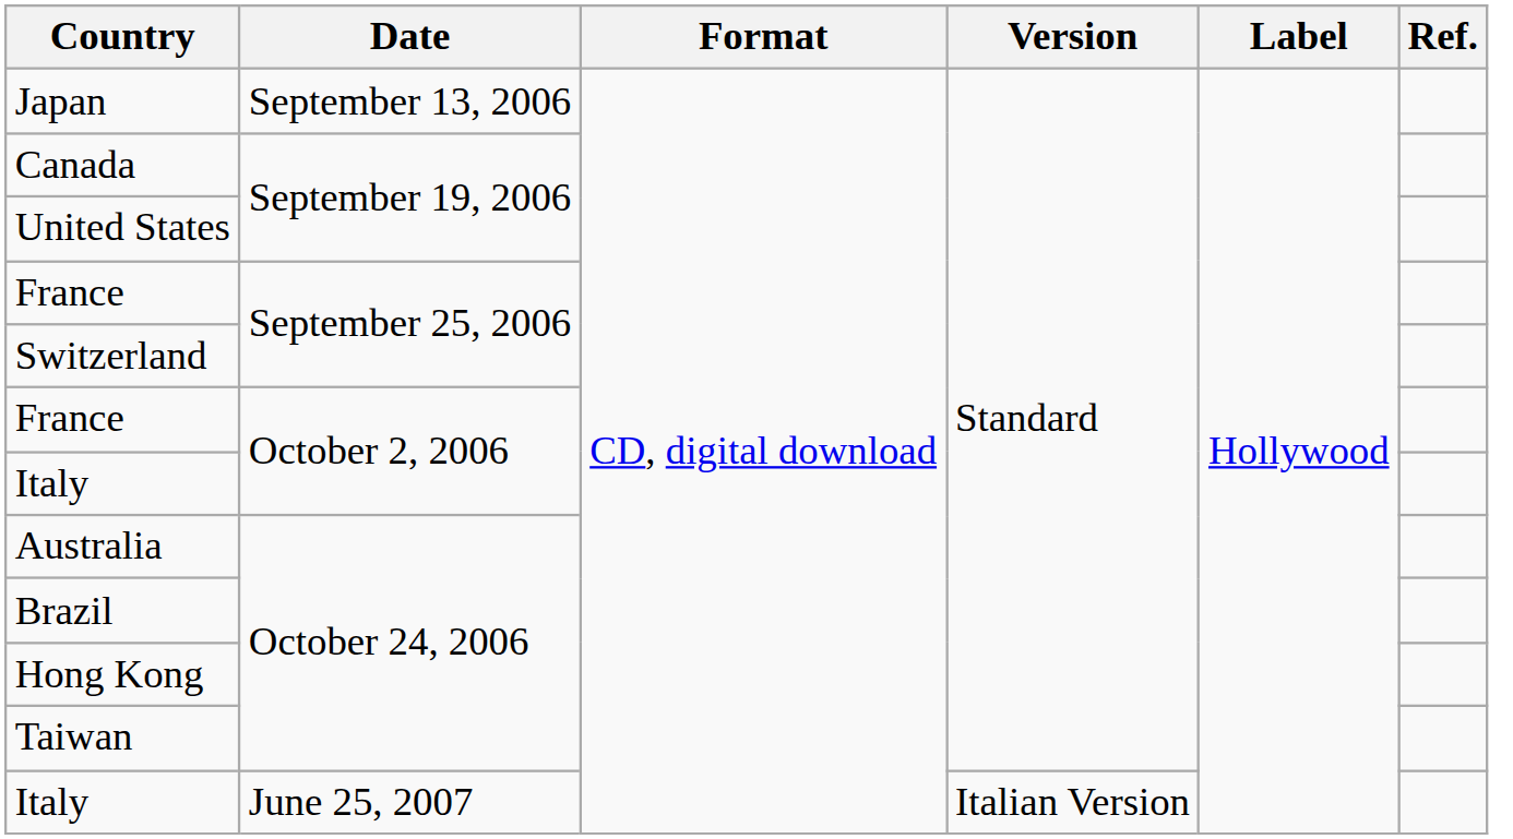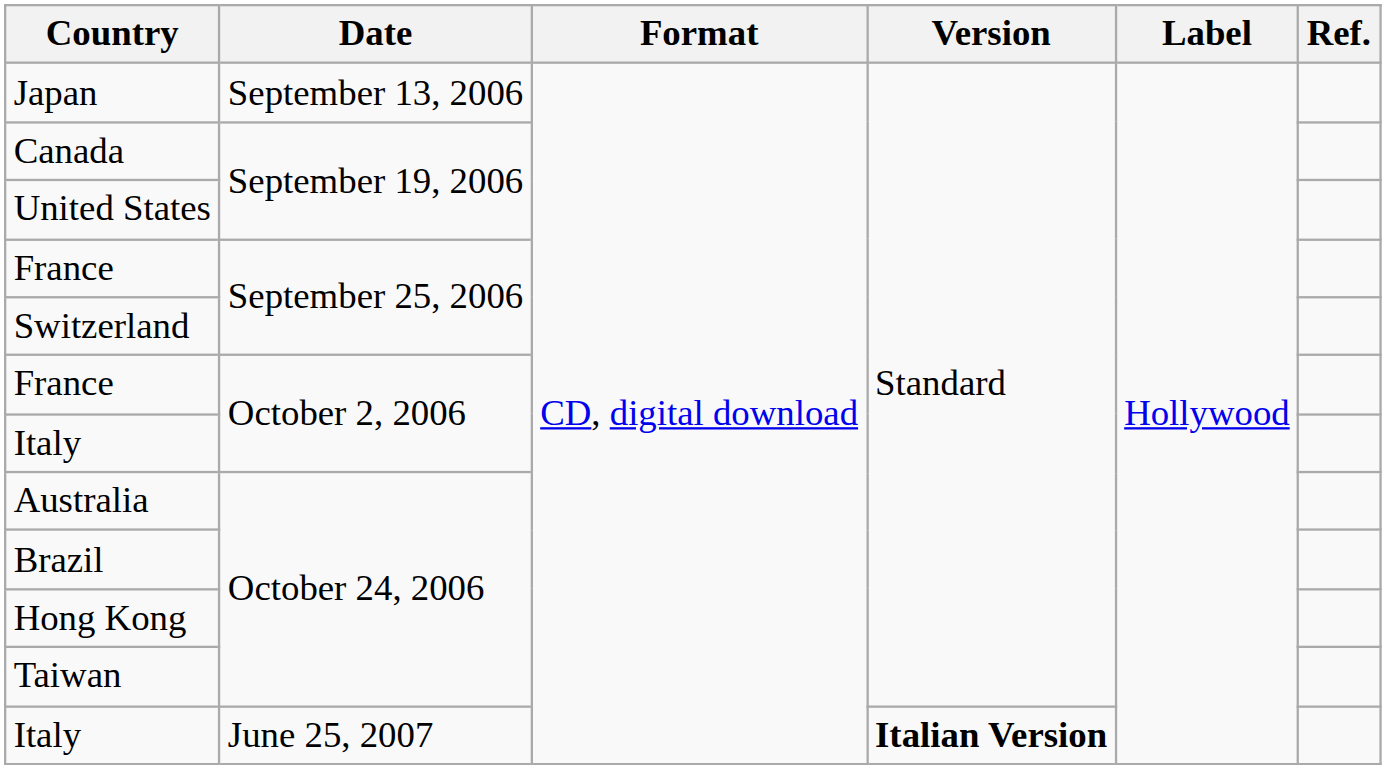 <table class="wikitable">
 <tr>
 <th>Country</th>
 <th>Date</th>
 <th>Format</th>
 <th>Version</th>
 <th>Label</th>
 <th>Ref.</th>
 </tr>
 <tr>
 <td>Japan</td>
 <td>September 13, 2006</td>
 <td rowspan="12"><a href='#'>CD</a>, <a href='#'>digital download</a></td>
 <td rowspan="11">Standard</td>
 <td rowspan="12"><a href='#'>Hollywood</a></td>
 <td></td>
 </tr>
 <tr>
 <td>Canada</td>
 <td rowspan="2">September 19, 2006</td>
 <td></td>
 </tr>
 <tr>
 <td>United States</td>
 <td></td>
 </tr>
 <tr>
 <td>France</td>
 <td rowspan="2">September 25, 2006</td>
 <td></td>
 </tr>
 <tr>
 <td>Switzerland</td>
 <td></td>
 </tr>
 <tr>
 <td>France</td>
 <td rowspan="2">October 2, 2006</td>
 <td></td>
 </tr>
 <tr>
 <td>Italy</td>
 <td></td>
 </tr>
 <tr>
 <td>Australia</td>
 <td rowspan="4">October 24, 2006</td>
 <td></td>
 </tr>
 <tr>
 <td>Brazil</td>
 <td></td>
 </tr>
 <tr>
 <td>Hong Kong</td>
 <td></td>
 </tr>
 <tr>
 <td>Taiwan</td>
 <td></td>
 </tr>
 <tr>
 <td>Italy</td>
 <td>June 25, 2007</td>
-<td>Italian Version</td>
+<td><strong>Italian Version</strong></td>
 <td></td>
 </tr>
 </table>
